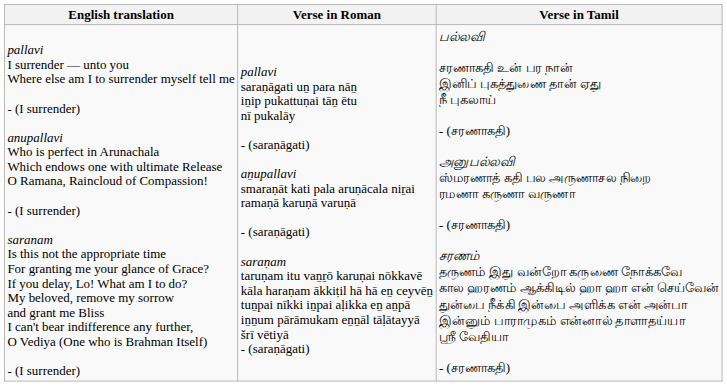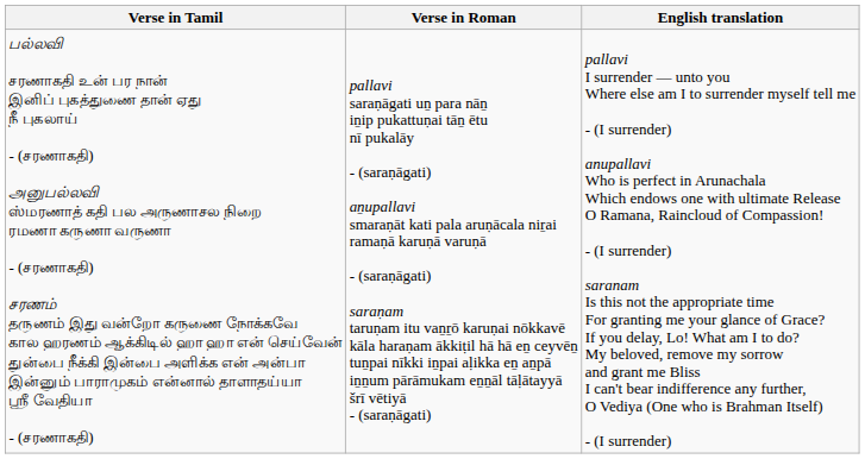 <table class="wikitable">
 <tr>
+<th>Verse in Tamil</th>
+<th>Verse in Roman</th>
 <th>English translation</th>
-<th>Verse in Roman</th>
-<th>Verse in Tamil</th>
 </tr>
 <tr>
+<td><em>பல்லவி</em><br><br>சரணாகதி உன் பர நான்<br> இனிப் புகத்துணை தான் ஏது<br> நீ புகலாய்<br> <br> - (சரணாகதி)<br> <br> <em>அனுபல்லவி</em><br> ஸ்மரணாத் கதி பல அருணாசல நிறை<br> ரமணா கருணா வருணா<br> <br> - (சரணாகதி)<br> <br> <em>சரணம்</em><br> தருணம் இது வன்றோ கருணை நோக்கவே<br> கால ஹரணம் ஆக்கிடில் ஹா ஹா என் செய்வேன்<br> துன்பை நீக்கி இன்பை அளிக்க என் அன்பா<br> இன்னும் பாராமுகம் என்னால் தாளாதய்யா<br> ஸ்ரீ வேதியா<br> <br> - (சரணாகதி)</td>
+<td><br><em>pallavi</em><br> saraṇāgati uṉ para nāṉ<br> iṉip pukattuṇai tāṉ ētu<br> nī pukalāy<br> <br> - (saraṇāgati)<br> <br> <em>aṉupallavi</em><br> smaraṇāt kati pala aruṇācala niṟai<br> ramaṇā karuṇā varuṇā<br> <br> - (saraṇāgati)<br> <br> <em>saraṇam</em><br> taruṇam itu vaṉṟō karuṇai nōkkavē<br> kāla haraṇam ākkiṭil hā hā eṉ ceyvēṉ<br> tuṉpai nīkki iṉpai aḷikka eṉ aṉpā<br> iṉṉum pārāmukam eṉṉāl tāḷātayyā<br> šrī vētiyā <br> - (saraṇāgati)<br></td>
 <td><br><em>pallavi</em><br> I surrender — unto you<br> Where else am I to surrender myself tell me<br> <br> - (I surrender)<br> <br> <em>anupallavi</em><br> Who is perfect in Arunachala<br> Which endows one with ultimate Release<br> O Ramana, Raincloud of Compassion!<br> <br> - (I surrender)<br> <br> <em>saranam</em><br> Is this not the appropriate time<br> For granting me your glance of Grace?<br> If you delay, Lo! What am I to do?<br> My beloved, remove my sorrow<br> and grant me Bliss<br> I can't bear indifference any further,<br> O Vediya (One who is Brahman Itself)<br> <br> - (I surrender)</td>
-<td><br><em>pallavi</em><br> saraṇāgati uṉ para nāṉ<br> iṉip pukattuṇai tāṉ ētu<br> nī pukalāy<br> <br> - (saraṇāgati)<br> <br> <em>aṉupallavi</em><br> smaraṇāt kati pala aruṇācala niṟai<br> ramaṇā karuṇā varuṇā<br> <br> - (saraṇāgati)<br> <br> <em>saraṇam</em><br> taruṇam itu vaṉṟō karuṇai nōkkavē<br> kāla haraṇam ākkiṭil hā hā eṉ ceyvēṉ<br> tuṉpai nīkki iṉpai aḷikka eṉ aṉpā<br> iṉṉum pārāmukam eṉṉāl tāḷātayyā<br> šrī vētiyā <br> - (saraṇāgati)<br></td>
-<td><em>பல்லவி</em><br><br>சரணாகதி உன் பர நான்<br> இனிப் புகத்துணை தான் ஏது<br> நீ புகலாய்<br> <br> - (சரணாகதி)<br> <br> <em>அனுபல்லவி</em><br> ஸ்மரணாத் கதி பல அருணாசல நிறை<br> ரமணா கருணா வருணா<br> <br> - (சரணாகதி)<br> <br> <em>சரணம்</em><br> தருணம் இது வன்றோ கருணை நோக்கவே<br> கால ஹரணம் ஆக்கிடில் ஹா ஹா என் செய்வேன்<br> துன்பை நீக்கி இன்பை அளிக்க என் அன்பா<br> இன்னும் பாராமுகம் என்னால் தாளாதய்யா<br> ஸ்ரீ வேதியா<br> <br> - (சரணாகதி)</td>
 </tr>
 </table>
